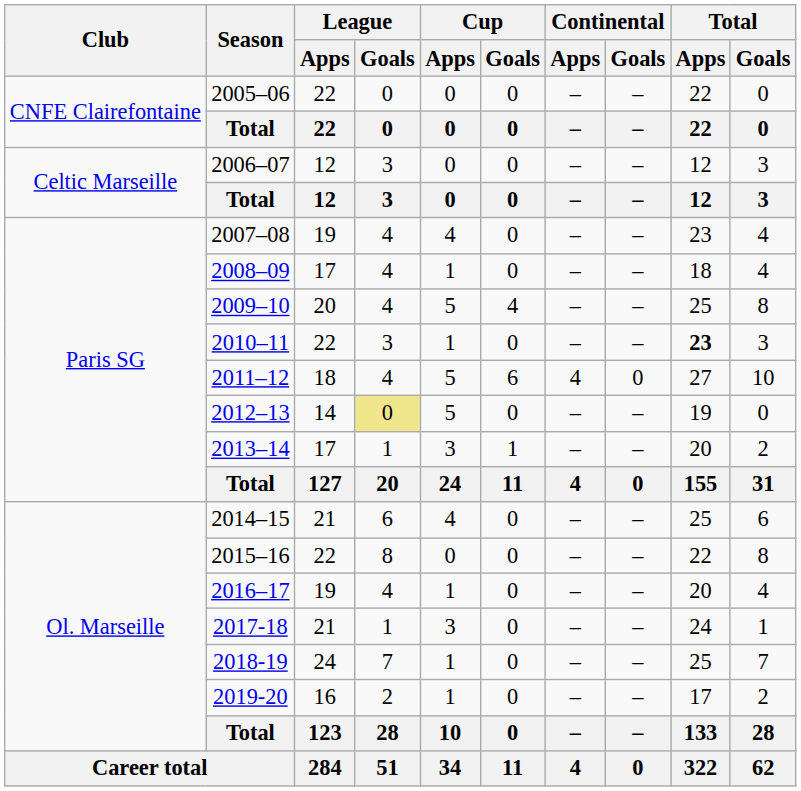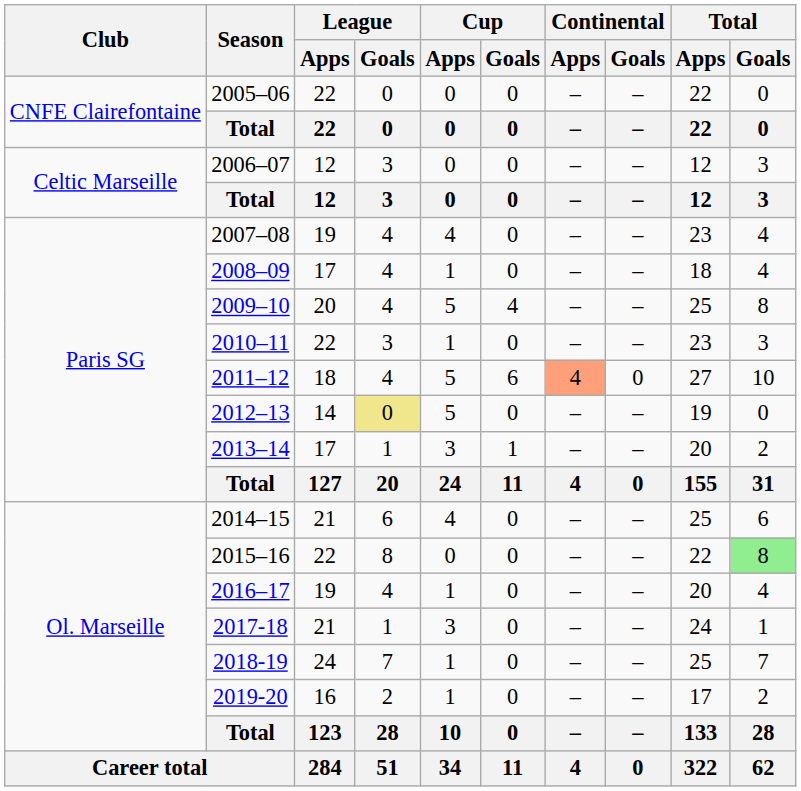 <table class="wikitable" style="text-align: center;">
 <tr>
 <th rowspan="2">Club</th>
 <th rowspan="2">Season</th>
 <th colspan="2">League</th>
 <th colspan="2">Cup</th>
 <th colspan="2">Continental</th>
 <th colspan="2">Total</th>
 </tr>
 <tr>
 <th>Apps</th>
 <th>Goals</th>
 <th>Apps</th>
 <th>Goals</th>
 <th>Apps</th>
 <th>Goals</th>
 <th>Apps</th>
 <th>Goals</th>
 </tr>
 <tr>
 <td rowspan="2" valign="center"><a href='#'>CNFE Clairefontaine</a></td>
 <td>2005–06</td>
 <td>22</td>
 <td>0</td>
 <td>0</td>
 <td>0</td>
 <td>–</td>
 <td>–</td>
 <td>22</td>
 <td>0</td>
 </tr>
 <tr>
 <th>Total</th>
 <th>22</th>
 <th>0</th>
 <th>0</th>
 <th>0</th>
 <th>–</th>
 <th>–</th>
 <th>22</th>
 <th>0</th>
 </tr>
 <tr>
 <td rowspan="2" valign="center"><a href='#'>Celtic Marseille</a></td>
 <td>2006–07</td>
 <td>12</td>
 <td>3</td>
 <td>0</td>
 <td>0</td>
 <td>–</td>
 <td>–</td>
 <td>12</td>
 <td>3</td>
 </tr>
 <tr>
 <th>Total</th>
 <th>12</th>
 <th>3</th>
 <th>0</th>
 <th>0</th>
 <th>–</th>
 <th>–</th>
 <th>12</th>
 <th>3</th>
 </tr>
 <tr>
 <td rowspan="8" valign="center"><a href='#'>Paris SG</a></td>
 <td>2007–08</td>
 <td>19</td>
 <td>4</td>
 <td>4</td>
 <td>0</td>
 <td>–</td>
 <td>–</td>
 <td>23</td>
 <td>4</td>
 </tr>
 <tr>
 <td><a href='#'>2008–09</a></td>
 <td>17</td>
 <td>4</td>
 <td>1</td>
 <td>0</td>
 <td>–</td>
 <td>–</td>
 <td>18</td>
 <td>4</td>
 </tr>
 <tr>
 <td><a href='#'>2009–10</a></td>
 <td>20</td>
 <td>4</td>
 <td>5</td>
 <td>4</td>
 <td>–</td>
 <td>–</td>
 <td>25</td>
 <td>8</td>
 </tr>
 <tr>
 <td><a href='#'>2010–11</a></td>
 <td>22</td>
 <td>3</td>
 <td>1</td>
 <td>0</td>
 <td>–</td>
 <td>–</td>
-<td><strong>23</strong></td>
+<td>23</td>
 <td>3</td>
 </tr>
 <tr>
 <td><a href='#'>2011–12</a></td>
 <td>18</td>
 <td>4</td>
 <td>5</td>
 <td>6</td>
-<td>4</td>
+<td style="background: lightsalmon;">4</td>
 <td>0</td>
 <td>27</td>
 <td>10</td>
 </tr>
 <tr>
 <td><a href='#'>2012–13</a></td>
 <td>14</td>
 <td style="background: khaki;">0</td>
 <td>5</td>
 <td>0</td>
 <td>–</td>
 <td>–</td>
 <td>19</td>
 <td>0</td>
 </tr>
 <tr>
 <td><a href='#'>2013–14</a></td>
 <td>17</td>
 <td>1</td>
 <td>3</td>
 <td>1</td>
 <td>–</td>
 <td>–</td>
 <td>20</td>
 <td>2</td>
 </tr>
 <tr>
 <th>Total</th>
 <th>127</th>
 <th>20</th>
 <th>24</th>
 <th>11</th>
 <th>4</th>
 <th>0</th>
 <th>155</th>
 <th>31</th>
 </tr>
 <tr>
 <td rowspan="7" valign="center"><a href='#'>Ol. Marseille</a></td>
 <td>2014–15</td>
 <td>21</td>
 <td>6</td>
 <td>4</td>
 <td>0</td>
 <td>–</td>
 <td>–</td>
 <td>25</td>
 <td>6</td>
 </tr>
 <tr>
 <td>2015–16</td>
 <td>22</td>
 <td>8</td>
 <td>0</td>
 <td>0</td>
 <td>–</td>
 <td>–</td>
 <td>22</td>
-<td>8</td>
+<td style="background: lightgreen;">8</td>
 </tr>
 <tr>
 <td><a href='#'>2016–17</a></td>
 <td>19</td>
 <td>4</td>
 <td>1</td>
 <td>0</td>
 <td>–</td>
 <td>–</td>
 <td>20</td>
 <td>4</td>
 </tr>
 <tr>
 <td><a href='#'>2017-18</a></td>
 <td>21</td>
 <td>1</td>
 <td>3</td>
 <td>0</td>
 <td>–</td>
 <td>–</td>
 <td>24</td>
 <td>1</td>
 </tr>
 <tr>
 <td><a href='#'>2018-19</a></td>
 <td>24</td>
 <td>7</td>
 <td>1</td>
 <td>0</td>
 <td>–</td>
 <td>–</td>
 <td>25</td>
 <td>7</td>
 </tr>
 <tr>
 <td><a href='#'>2019-20</a></td>
 <td>16</td>
 <td>2</td>
 <td>1</td>
 <td>0</td>
 <td>–</td>
 <td>–</td>
 <td>17</td>
 <td>2</td>
 </tr>
 <tr>
 <th>Total</th>
 <th>123</th>
 <th>28</th>
 <th>10</th>
 <th>0</th>
 <th>–</th>
 <th>–</th>
 <th>133</th>
 <th>28</th>
 </tr>
 <tr>
 <th colspan="2">Career total</th>
 <th>284</th>
 <th>51</th>
 <th>34</th>
 <th>11</th>
 <th>4</th>
 <th>0</th>
 <th>322</th>
 <th>62</th>
 </tr>
 </table>
